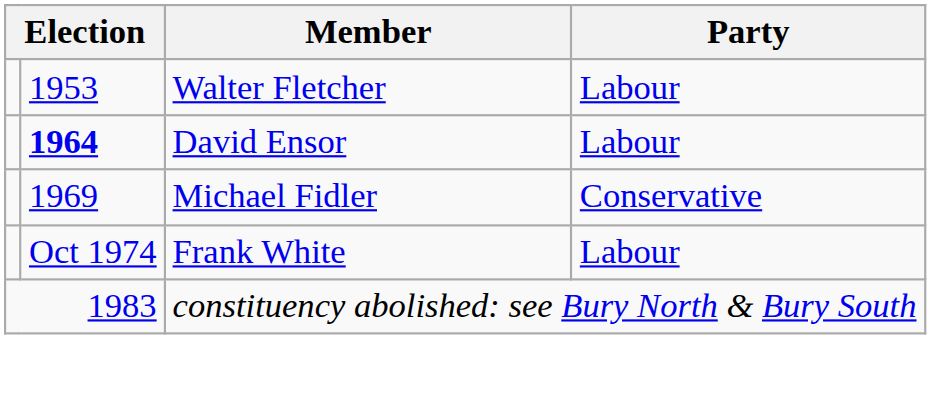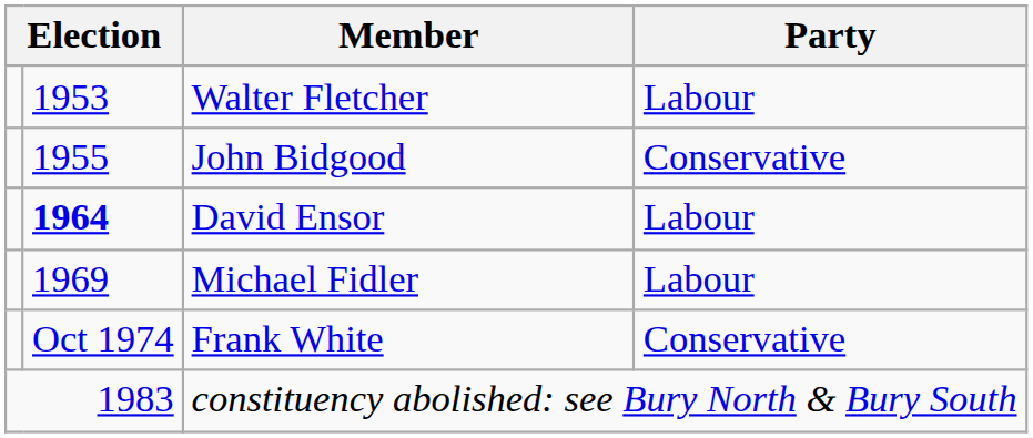 <table class="wikitable">
 <tr>
 <th colspan="2">Election</th>
 <th>Member</th>
 <th>Party</th>
 </tr>
 <tr>
 <td style="color:inherit;background-color: "></td>
 <td><a href='#'>1953</a></td>
 <td><a href='#'>Walter Fletcher</a></td>
 <td><a href='#'>Labour</a></td>
 </tr>
 <tr>
 <td style="color:inherit;background-color: "></td>
+<td><a href='#'>1955</a></td>
+<td><a href='#'>John Bidgood</a></td>
+<td><a href='#'>Conservative</a></td>
+</tr>
+<tr>
+<td style="color:inherit;background-color: "></td>
 <td><strong><a href='#'>1964</a></strong></td>
 <td><a href='#'>David Ensor</a></td>
 <td><a href='#'>Labour</a></td>
 </tr>
 <tr>
 <td style="color:inherit;background-color: "></td>
 <td><a href='#'>1969</a></td>
 <td><a href='#'>Michael Fidler</a></td>
-<td><a href='#'>Conservative</a></td>
+<td><a href='#'>Labour</a></td>
 </tr>
 <tr>
 <td style="color:inherit;background-color: "></td>
 <td><a href='#'>Oct 1974</a></td>
 <td><a href='#'>Frank White</a></td>
-<td><a href='#'>Labour</a></td>
+<td><a href='#'>Conservative</a></td>
 </tr>
 <tr>
 <td colspan="2" align="right"><a href='#'>1983</a></td>
 <td colspan="2"><em>constituency abolished: see <a href='#'>Bury North</a> & <a href='#'>Bury South</a></em></td>
 </tr>
 </table>
